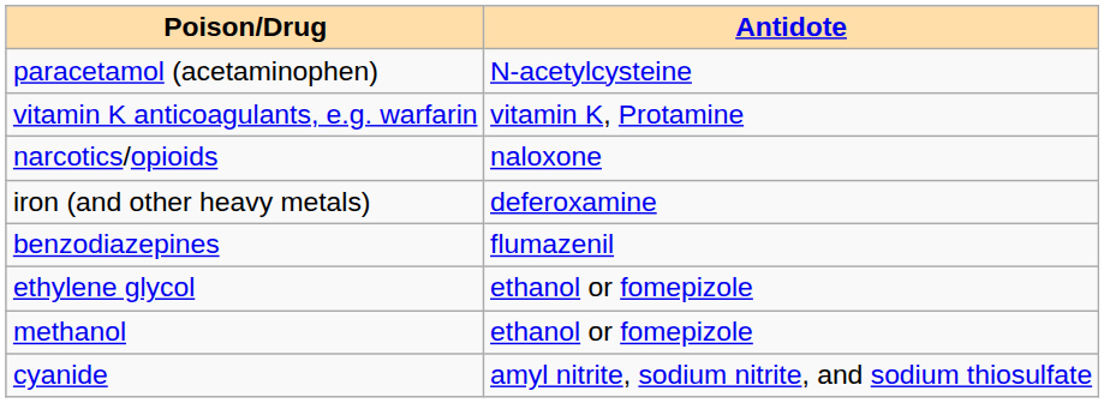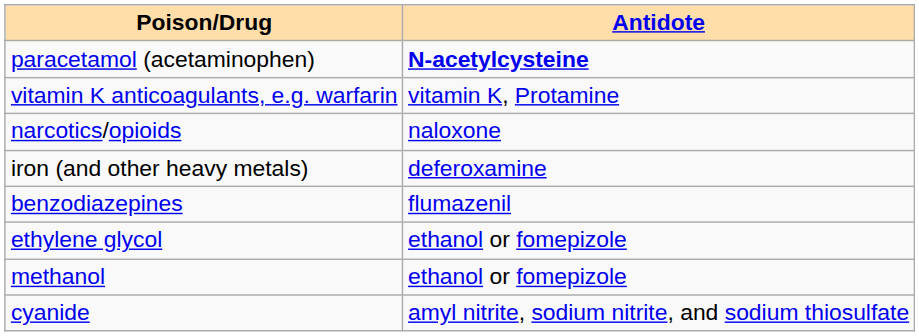 <table class="wikitable" style="margin:auto; float:right;">
 <tr>
 <th style="background:#ffdeaa;">Poison/Drug</th>
 <th colspan="2" style="background:#ffdeaa;"><a href='#'>Antidote</a></th>
 </tr>
 <tr>
 <td><a href='#'>paracetamol</a> (acetaminophen)</td>
-<td><a href='#'>N-acetylcysteine</a></td>
+<td><strong><a href='#'>N-acetylcysteine</a></strong></td>
 </tr>
 <tr>
 <td><a href='#'>vitamin K anticoagulants, e.g. warfarin</a></td>
 <td><a href='#'>vitamin K</a>, <a href='#'>Protamine</a></td>
 </tr>
 <tr>
 <td><a href='#'>narcotics</a>/<a href='#'>opioids</a></td>
 <td><a href='#'>naloxone</a></td>
 </tr>
 <tr>
 <td>iron (and other heavy metals)</td>
 <td><a href='#'>deferoxamine</a></td>
 </tr>
 <tr>
 <td><a href='#'>benzodiazepines</a></td>
 <td><a href='#'>flumazenil</a></td>
 </tr>
 <tr>
 <td><a href='#'>ethylene glycol</a></td>
 <td><a href='#'>ethanol</a> or <a href='#'>fomepizole</a></td>
 </tr>
 <tr>
 <td><a href='#'>methanol</a></td>
 <td><a href='#'>ethanol</a> or <a href='#'>fomepizole</a></td>
 </tr>
 <tr>
 <td><a href='#'>cyanide</a></td>
 <td><a href='#'>amyl nitrite</a>, <a href='#'>sodium nitrite</a>, and <a href='#'>sodium thiosulfate</a></td>
 </tr>
 </table>
